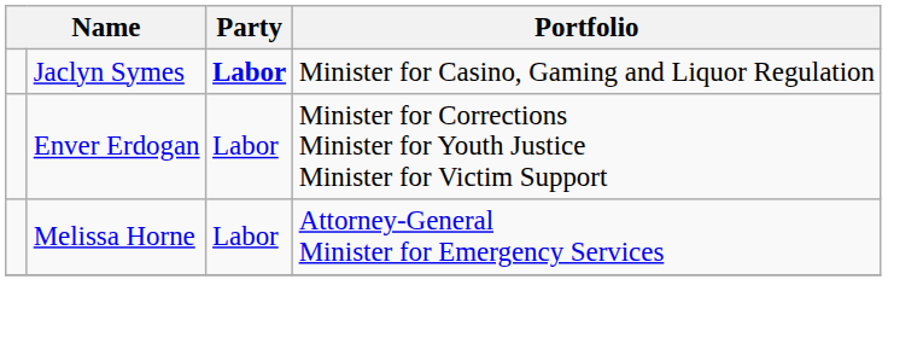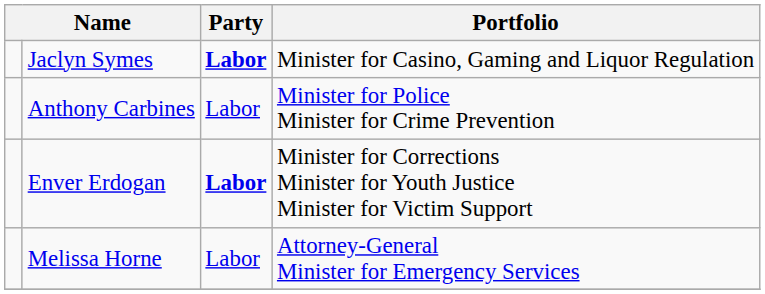 <table class="wikitable">
 <tr>
 <th colspan="2">Name</th>
 <th>Party</th>
 <th>Portfolio</th>
 </tr>
 <tr>
 <td width="5px" style="background:"></td>
 <td><a href='#'>Jaclyn Symes</a></td>
 <td><strong><a href='#'>Labor</a></strong></td>
 <td>Minister for Casino, Gaming and Liquor Regulation</td>
 </tr>
 <tr>
+<td width="5px" style="background:"></td>
+<td><a href='#'>Anthony Carbines</a></td>
+<td><a href='#'>Labor</a></td>
+<td><a href='#'>Minister for Police</a><br>Minister for Crime Prevention</td>
+</tr>
+<tr>
 <td width=5px style="color:inherit;background:"></td>
 <td><a href='#'>Enver Erdogan</a></td>
-<td><a href='#'>Labor</a></td>
+<td><strong><a href='#'>Labor</a></strong></td>
 <td>Minister for Corrections<br>Minister for Youth Justice<br>Minister for Victim Support</td>
 </tr>
 <tr>
 <td width=5px style="color:inherit;background:"></td>
 <td><a href='#'>Melissa Horne</a></td>
 <td><a href='#'>Labor</a></td>
 <td><a href='#'>Attorney-General</a><br><a href='#'>Minister for Emergency Services</a></td>
 </tr>
 <tr>
 </tr>
 </table>
